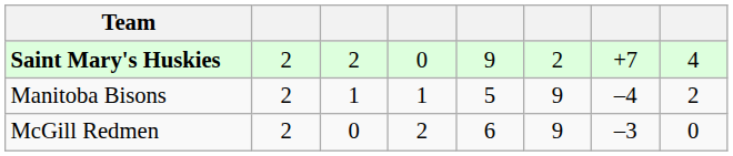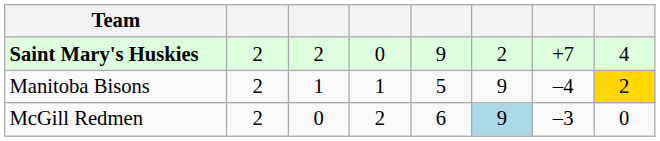 <table class="wikitable" style="text-align:center;">
 <tr>
 <th width=165>Team</th>
 <th width=40></th>
 <th width=40></th>
 <th width=40></th>
 <th width=40></th>
 <th width=40></th>
 <th width=40></th>
 <th width=40></th>
 </tr>
 <tr style="background:#ddffdd">
 <td style="text-align:left;"><strong>Saint Mary's Huskies</strong></td>
 <td>2</td>
 <td>2</td>
 <td>0</td>
 <td>9</td>
 <td>2</td>
 <td>+7</td>
 <td>4</td>
 </tr>
 <tr>
 <td style="text-align:left;">Manitoba Bisons</td>
 <td>2</td>
 <td>1</td>
 <td>1</td>
 <td>5</td>
 <td>9</td>
 <td>–4</td>
-<td>2</td>
+<td style="background: gold;">2</td>
 </tr>
 <tr>
 <td style="text-align:left;">McGill Redmen</td>
 <td>2</td>
 <td>0</td>
 <td>2</td>
 <td>6</td>
-<td>9</td>
+<td style="background: lightblue;">9</td>
 <td>–3</td>
 <td>0</td>
 </tr>
 </table>
